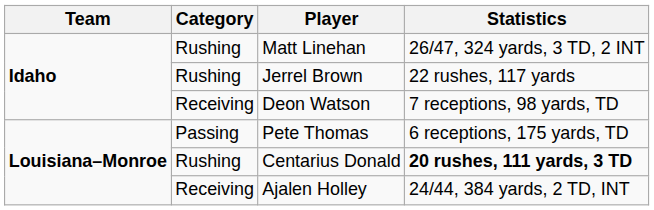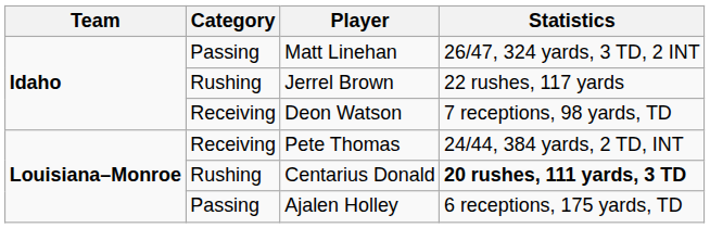 <table class="wikitable" style="float: left;">
 <tr>
 <th>Team</th>
 <th>Category</th>
 <th>Player</th>
 <th>Statistics</th>
 </tr>
 <tr>
 <td rowspan=3><strong>Idaho</strong></td>
-<td>Rushing</td>
+<td>Passing</td>
 <td>Matt Linehan</td>
 <td>26/47, 324 yards, 3 TD, 2 INT</td>
 </tr>
 <tr>
 <td>Rushing</td>
 <td>Jerrel Brown</td>
 <td>22 rushes, 117 yards</td>
 </tr>
 <tr>
 <td>Receiving</td>
 <td>Deon Watson</td>
 <td>7 receptions, 98 yards, TD</td>
 </tr>
 <tr>
 <td rowspan=3><strong>Louisiana–Monroe</strong></td>
-<td>Passing</td>
+<td>Receiving</td>
 <td>Pete Thomas</td>
-<td>6 receptions, 175 yards, TD</td>
+<td>24/44, 384 yards, 2 TD, INT</td>
 </tr>
 <tr>
 <td>Rushing</td>
 <td>Centarius Donald</td>
 <td><strong>20 rushes, 111 yards, 3 TD</strong></td>
 </tr>
 <tr>
-<td>Receiving</td>
+<td>Passing</td>
 <td>Ajalen Holley</td>
-<td>24/44, 384 yards, 2 TD, INT</td>
+<td>6 receptions, 175 yards, TD</td>
 </tr>
 </table>
